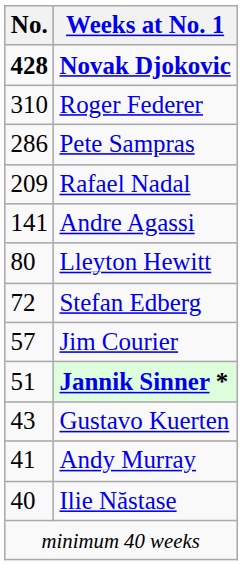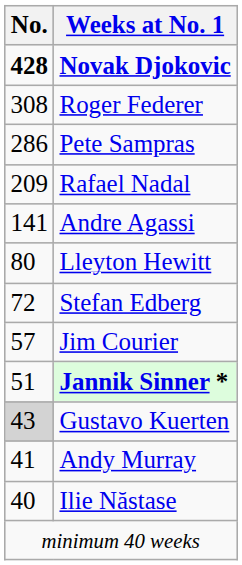 <table class="wikitable" style="display: inline-table;">
 <tr>
 <th>No.</th>
 <th><a href='#'>Weeks at No. 1</a></th>
 </tr>
 <tr>
 <td><strong>428</strong></td>
 <td> <strong><a href='#'>Novak Djokovic</a></strong></td>
 </tr>
 <tr>
-<td>310</td>
+<td>308</td>
 <td> <a href='#'>Roger Federer</a></td>
 </tr>
 <tr>
 <td>286</td>
 <td> <a href='#'>Pete Sampras</a></td>
 </tr>
 <tr>
 <td>209</td>
 <td> <a href='#'>Rafael Nadal</a></td>
 </tr>
 <tr>
 <td>141</td>
 <td> <a href='#'>Andre Agassi</a></td>
 </tr>
 <tr>
 <td>80</td>
 <td> <a href='#'>Lleyton Hewitt</a></td>
 </tr>
 <tr>
 <td>72</td>
 <td> <a href='#'>Stefan Edberg</a></td>
 </tr>
 <tr>
 <td>57</td>
 <td> <a href='#'>Jim Courier</a></td>
 </tr>
 <tr>
 <td>51</td>
 <td style="text-align:left;background-color: #ddfddd"> <strong><a href='#'>Jannik Sinner</a> *</strong></td>
 </tr>
 <tr>
-<td>43</td>
+<td style="background: lightgrey;">43</td>
 <td> <a href='#'>Gustavo Kuerten</a></td>
 </tr>
 <tr>
 <td>41</td>
 <td> <a href='#'>Andy Murray</a></td>
 </tr>
 <tr>
 <td>40</td>
 <td> <a href='#'>Ilie Năstase</a><br></td>
 </tr>
 <tr>
 <td colspan="2" style="text-align: center;"><small><em>minimum 40 weeks</em></small></td>
 </tr>
 </table>
